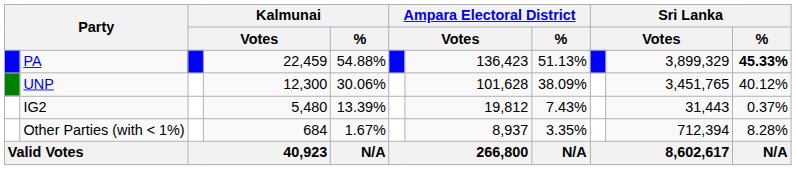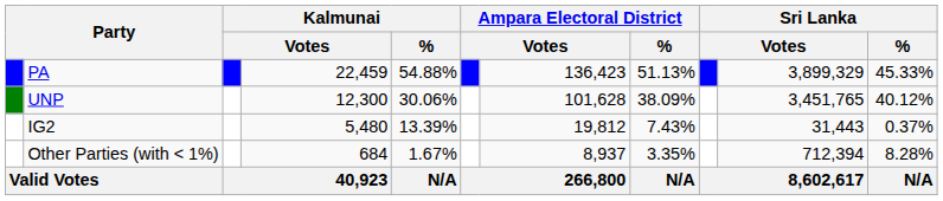 <table class="wikitable">
 <tr>
 <th colspan="2" width="144px"rowspan="2">Party</th>
 <th colspan="3" width="216px">Kalmunai</th>
 <th colspan="3" width="216px"><a href='#'>Ampara Electoral District</a></th>
 <th colspan="3" width="216px">Sri Lanka</th>
 </tr>
 <tr>
 <th colspan="2" width="144px">Votes</th>
 <th>%</th>
 <th colspan="2" width="144px">Votes</th>
 <th>%</th>
 <th colspan="2" width="144px">Votes</th>
 <th>%</th>
 </tr>
 <tr>
 <td style="background-color:blue;" width="10px"></td>
 <td style="text-align:left;"><a href='#'>PA</a></td>
 <td style="background-color:blue;" width="10px"></td>
 <td style="text-align:right;">22,459</td>
 <td style="text-align:right;">54.88%</td>
 <td style="background-color:blue;" width="10px"></td>
 <td style="text-align:right;">136,423</td>
 <td style="text-align:right;">51.13%</td>
 <td style="background-color:blue;" width="10px"></td>
 <td style="text-align:right;">3,899,329</td>
-<td style="text-align:right;"><strong>45.33%</strong></td>
+<td style="text-align:right;">45.33%</td>
 </tr>
 <tr>
 <td style="background-color:green;" width="10px"></td>
 <td style="text-align:left;"><a href='#'>UNP</a></td>
 <td style="background-color:white;" width="10px"></td>
 <td style="text-align:right;">12,300</td>
 <td style="text-align:right;">30.06%</td>
 <td style="background-color:white;" width="10px"></td>
 <td style="text-align:right;">101,628</td>
 <td style="text-align:right;">38.09%</td>
 <td style="background-color:white;" width="10px"></td>
 <td style="text-align:right;">3,451,765</td>
 <td style="text-align:right;">40.12%</td>
 </tr>
 <tr>
 <td style="background-color:white;" width="10px"></td>
 <td style="text-align:left;">IG2</td>
 <td style="background-color:white;" width="10px"></td>
 <td style="text-align:right;">5,480</td>
 <td style="text-align:right;">13.39%</td>
 <td style="background-color:white;" width="10px"></td>
 <td style="text-align:right;">19,812</td>
 <td style="text-align:right;">7.43%</td>
 <td style="background-color:white;" width="10px"></td>
 <td style="text-align:right;">31,443</td>
 <td style="text-align:right;">0.37%</td>
 </tr>
 <tr>
 <td style="background-color:white;" width="10px"></td>
 <td style="text-align:left;">Other Parties (with < 1%)</td>
 <td style="background-color:white;" width="10px"></td>
 <td style="text-align:right;">684</td>
 <td style="text-align:right;">1.67%</td>
 <td style="background-color:white;" width="10px"></td>
 <td style="text-align:right;">8,937</td>
 <td style="text-align:right;">3.35%</td>
 <td style="background-color:white;" width="10px"></td>
 <td style="text-align:right;">712,394</td>
 <td style="text-align:right;">8.28%</td>
 </tr>
 <tr>
 <th colspan="2" width="144px"style="text-align:left;">Valid Votes</th>
 <th style="text-align:right;"colspan="2" width="144px">40,923</th>
 <th style="text-align:right;">N/A</th>
 <th style="text-align:right;"colspan="2" width="144px">266,800</th>
 <th style="text-align:right;">N/A</th>
 <th style="text-align:right;"colspan="2" width="144px">8,602,617</th>
 <th style="text-align:right;">N/A</th>
 </tr>
 </table>
